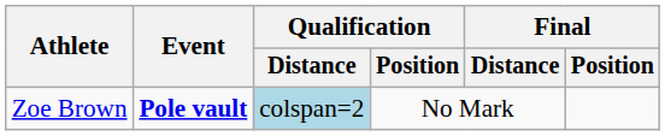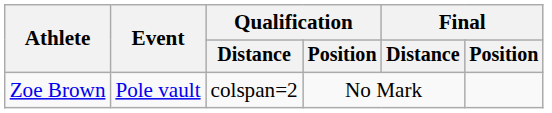 <table class=wikitable style="font-size:90%">
 <tr>
 <th rowspan="2">Athlete</th>
 <th rowspan="2">Event</th>
 <th colspan="2">Qualification</th>
 <th colspan="2">Final</th>
 </tr>
 <tr style="font-size:95%">
 <th>Distance</th>
 <th>Position</th>
 <th>Distance</th>
 <th>Position</th>
 </tr>
 <tr align=center>
 <td align=left><a href='#'>Zoe Brown</a></td>
-<td align=left><strong><a href='#'>Pole vault</a></strong></td>
-<td style="background: lightblue;">colspan=2 </td>
+<td align=left><a href='#'>Pole vault</a></td>
+<td>colspan=2 </td>
 <td colspan=2>No Mark</td>
 </tr>
 </table>
